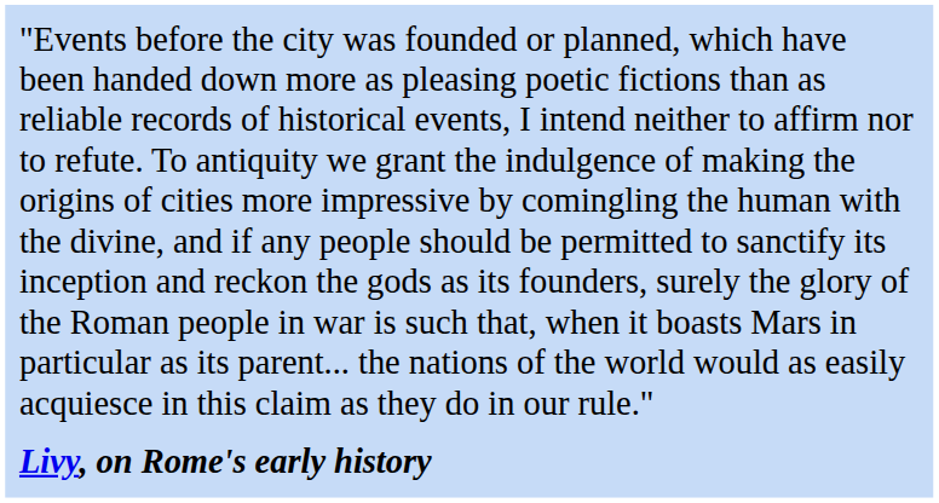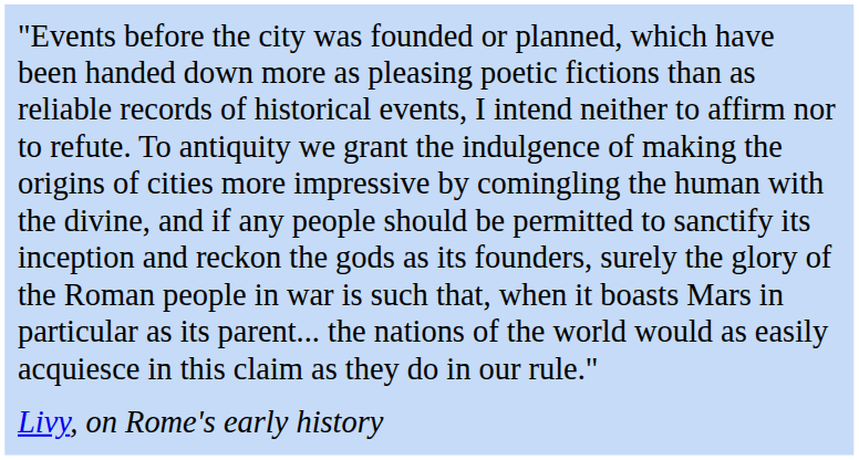 <table class="toccolours" style="float: left; margin-left: 1em; margin-right: 2em; font-size: 85%; background:#c6dbf7; color:black; width:27em; max-width: 40%;" cellspacing="5">
 <tr>
 <td style="text-align: left;">"Events before the city was founded or planned, which have been handed down more as pleasing poetic fictions than as reliable records of historical events, I intend neither to affirm nor to refute. To antiquity we grant the indulgence of making the origins of cities more impressive by comingling the human with the divine, and if any people should be permitted to sanctify its inception and reckon the gods as its founders, surely the glory of the Roman people in war is such that, when it boasts Mars in particular as its parent... the nations of the world would as easily acquiesce in this claim as they do in our rule."</td>
 </tr>
 <tr>
-<td style="text-align: left;"><strong><em><a href='#'>Livy</a>, on Rome's early history</em></strong></td>
+<td style="text-align: left;"><em><a href='#'>Livy</a>, on Rome's early history</em></td>
 </tr>
 </table>
